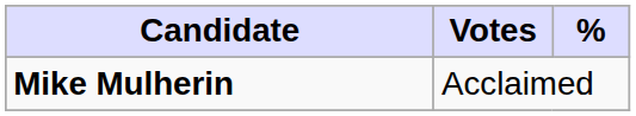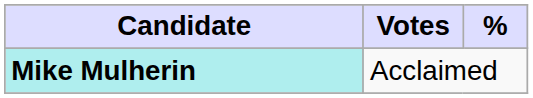 <table class="wikitable">
 <tr>
 <th style="background:#ddf; width:200px;">Candidate</th>
 <th style="background:#ddf; width:50px;">Votes</th>
 <th style="background:#ddf; width:30px;">%</th>
 </tr>
 <tr>
-<td><strong>Mike Mulherin</strong></td>
+<td style="background: paleturquoise;"><strong>Mike Mulherin</strong></td>
 <td colspan="2">Acclaimed</td>
 </tr>
 </table>
